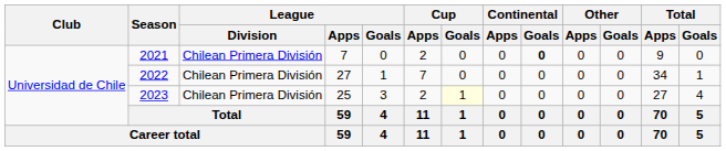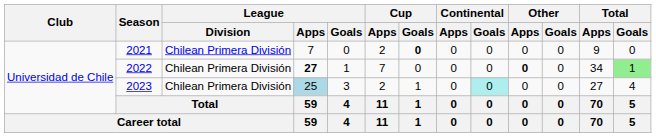 <table class="wikitable" style="text-align: center">
 <tr>
 <th rowspan="2">Club</th>
 <th rowspan="2">Season</th>
 <th colspan="3">League</th>
 <th colspan="2">Cup</th>
 <th colspan="2">Continental</th>
 <th colspan="2">Other</th>
 <th colspan="2">Total</th>
 </tr>
 <tr>
 <th>Division</th>
 <th>Apps</th>
 <th>Goals</th>
 <th>Apps</th>
 <th>Goals</th>
 <th>Apps</th>
 <th>Goals</th>
 <th>Apps</th>
 <th>Goals</th>
 <th>Apps</th>
 <th>Goals</th>
 </tr>
 <tr>
 <td rowspan="4"><a href='#'>Universidad de Chile</a></td>
 <td><a href='#'>2021</a></td>
 <td><a href='#'>Chilean Primera División</a></td>
 <td>7</td>
 <td>0</td>
 <td>2</td>
+<td><strong>0</strong></td>
 <td>0</td>
 <td>0</td>
-<td><strong>0</strong></td>
 <td>0</td>
 <td>0</td>
 <td>9</td>
 <td>0</td>
 </tr>
 <tr>
 <td><a href='#'>2022</a></td>
 <td>Chilean Primera División</td>
-<td>27</td>
+<td><strong>27</strong></td>
 <td>1</td>
 <td>7</td>
 <td>0</td>
 <td>0</td>
 <td>0</td>
-<td>0</td>
+<td><strong>0</strong></td>
 <td>0</td>
 <td>34</td>
-<td>1</td>
+<td style="background: lightgreen;">1</td>
 </tr>
 <tr>
 <td><a href='#'>2023</a></td>
 <td>Chilean Primera División</td>
-<td>25</td>
+<td style="background: lightblue;">25</td>
 <td>3</td>
 <td>2</td>
-<td style="background: lightyellow;">1</td>
+<td>1</td>
 <td>0</td>
-<td>0</td>
+<td style="background: paleturquoise;">0</td>
 <td>0</td>
 <td>0</td>
 <td>27</td>
 <td>4</td>
 </tr>
 <tr>
 <th colspan="2">Total</th>
 <th>59</th>
 <th>4</th>
 <th>11</th>
 <th>1</th>
 <th>0</th>
 <th>0</th>
 <th>0</th>
 <th>0</th>
 <th>70</th>
 <th>5</th>
 </tr>
 <tr>
 <th colspan="3">Career total</th>
 <th>59</th>
 <th>4</th>
 <th>11</th>
 <th>1</th>
 <th>0</th>
 <th>0</th>
 <th>0</th>
 <th>0</th>
 <th>70</th>
 <th>5</th>
 </tr>
 </table>
